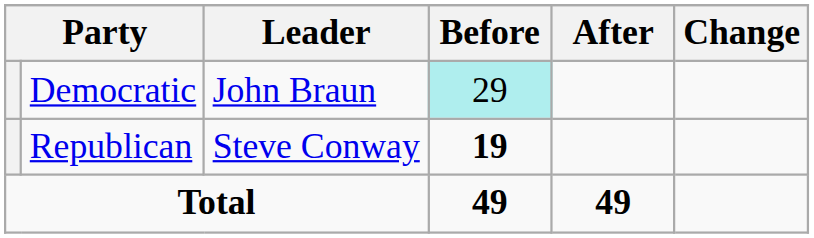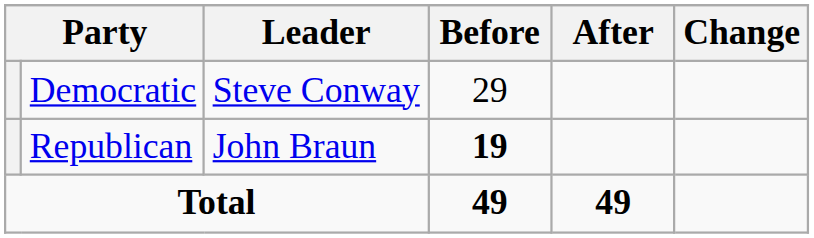 <table class="wikitable" style="text-align:center;">
 <tr>
 </tr>
 <tr>
 <th colspan="2">Party</th>
 <th>Leader</th>
 <th style="width:3em">Before</th>
 <th style="width:3em">After</th>
 <th style="width:3em">Change</th>
 </tr>
 <tr>
 <th style="background-color:"></th>
 <td style="text-align:left;"><a href='#'>Democratic</a></td>
-<td style="text-align:left;"><a href='#'>John Braun</a></td>
-<td style="background: paleturquoise;">29</td>
+<td style="text-align:left;"><a href='#'>Steve Conway</a></td>
+<td>29</td>
 <td></td>
 <td></td>
 </tr>
 <tr>
 <th style="background-color:"></th>
 <td style="text-align:left;"><a href='#'>Republican</a></td>
-<td style="text-align:left;"><a href='#'>Steve Conway</a></td>
+<td style="text-align:left;"><a href='#'>John Braun</a></td>
 <td><strong>19</strong></td>
 <td></td>
 <td></td>
 </tr>
 <tr>
 <td colspan="3"><strong>Total</strong></td>
 <td><strong>49</strong></td>
 <td><strong>49</strong></td>
 <td></td>
 </tr>
 </table>
